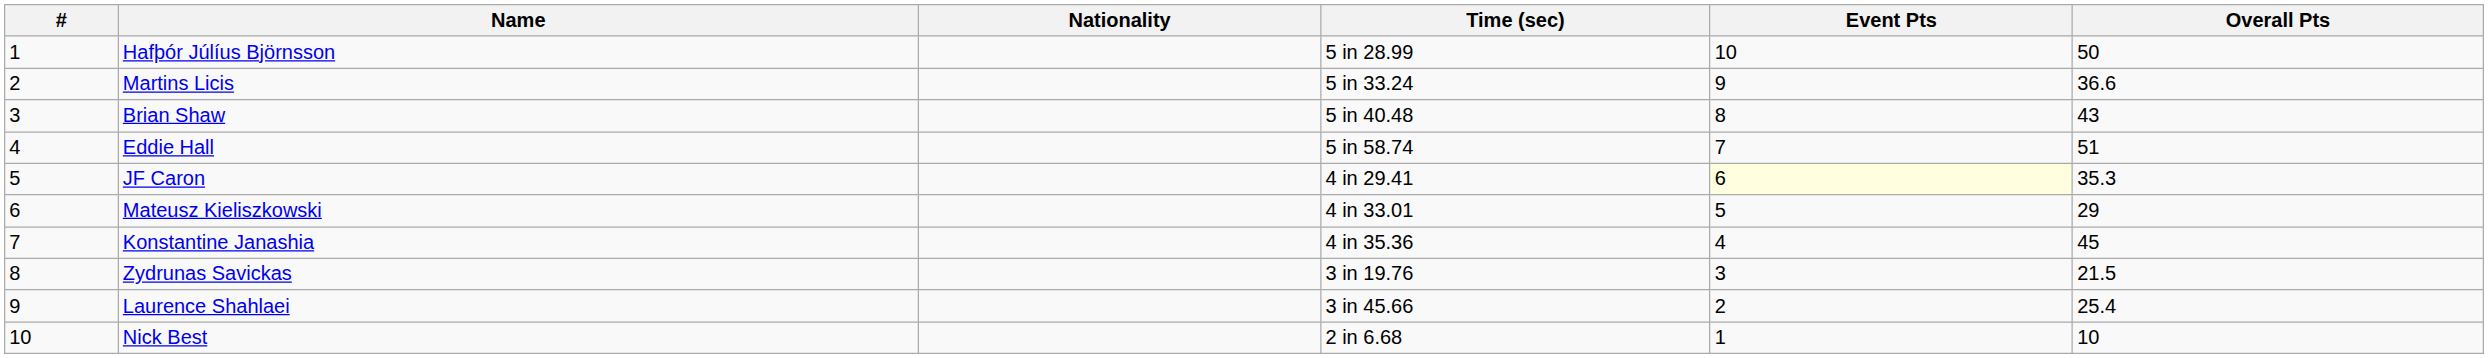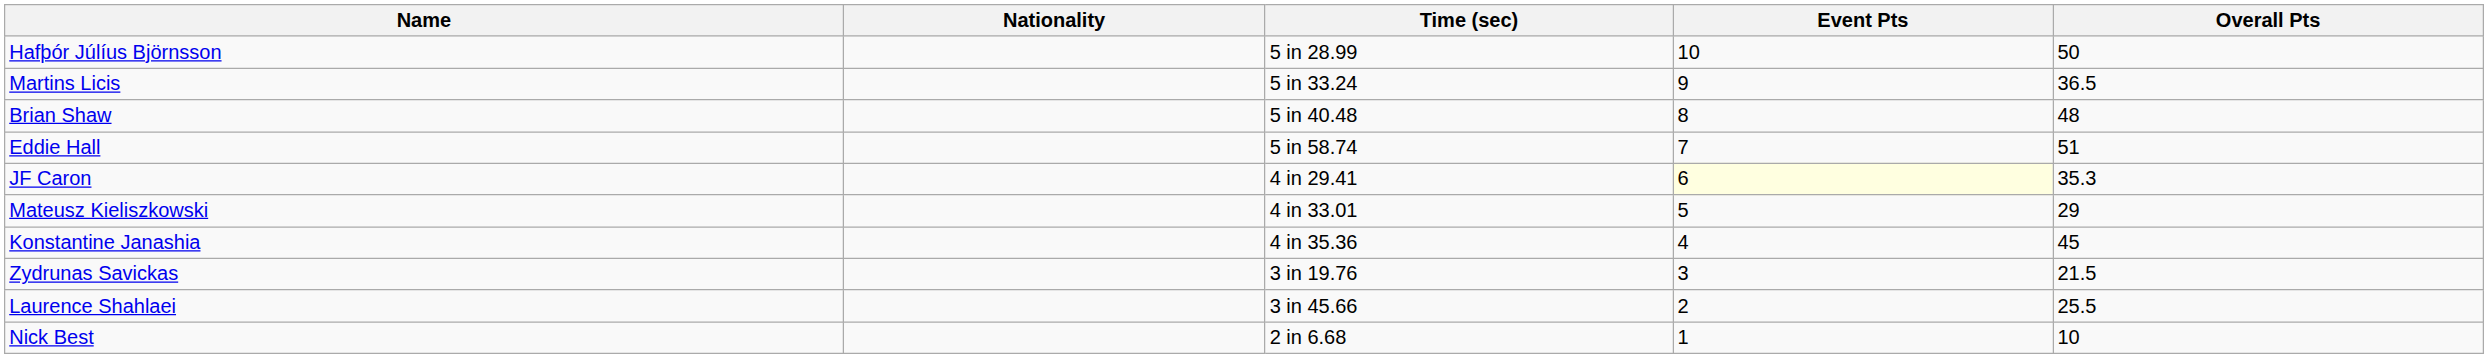 <table class="wikitable sortable" style="display: inline-table; width: 100%;">
 <tr>
-<th>#</th>
 <th>Name</th>
 <th>Nationality</th>
 <th>Time (sec)</th>
 <th>Event Pts</th>
 <th>Overall Pts</th>
 </tr>
 <tr>
-<td>1</td>
 <td><a href='#'>Hafþór Júlíus Björnsson</a></td>
 <td></td>
 <td>5 in 28.99</td>
 <td>10</td>
 <td>50</td>
 </tr>
 <tr>
-<td>2</td>
 <td><a href='#'>Martins Licis</a></td>
 <td></td>
 <td>5 in 33.24</td>
 <td>9</td>
-<td>36.6</td>
+<td>36.5</td>
 </tr>
 <tr>
-<td>3</td>
 <td><a href='#'>Brian Shaw</a></td>
 <td></td>
 <td>5 in 40.48</td>
 <td>8</td>
-<td>43</td>
+<td>48</td>
 </tr>
 <tr>
-<td>4</td>
 <td><a href='#'>Eddie Hall</a></td>
 <td></td>
 <td>5 in 58.74</td>
 <td>7</td>
 <td>51</td>
 </tr>
 <tr>
-<td>5</td>
 <td><a href='#'>JF Caron</a></td>
 <td></td>
 <td>4 in 29.41</td>
 <td style="background: lightyellow;">6</td>
 <td>35.3</td>
 </tr>
 <tr>
-<td>6</td>
 <td><a href='#'>Mateusz Kieliszkowski</a></td>
 <td></td>
 <td>4 in 33.01</td>
 <td>5</td>
 <td>29</td>
 </tr>
 <tr>
-<td>7</td>
 <td><a href='#'>Konstantine Janashia</a></td>
 <td></td>
 <td>4 in 35.36</td>
 <td>4</td>
 <td>45</td>
 </tr>
 <tr>
-<td>8</td>
 <td><a href='#'>Zydrunas Savickas</a></td>
 <td></td>
 <td>3 in 19.76</td>
 <td>3</td>
 <td>21.5</td>
 </tr>
 <tr>
-<td>9</td>
 <td><a href='#'>Laurence Shahlaei</a></td>
 <td></td>
 <td>3 in 45.66</td>
 <td>2</td>
-<td>25.4</td>
+<td>25.5</td>
 </tr>
 <tr>
-<td>10</td>
 <td><a href='#'>Nick Best</a></td>
 <td></td>
 <td>2 in 6.68</td>
 <td>1</td>
 <td>10</td>
 </tr>
 </table>
